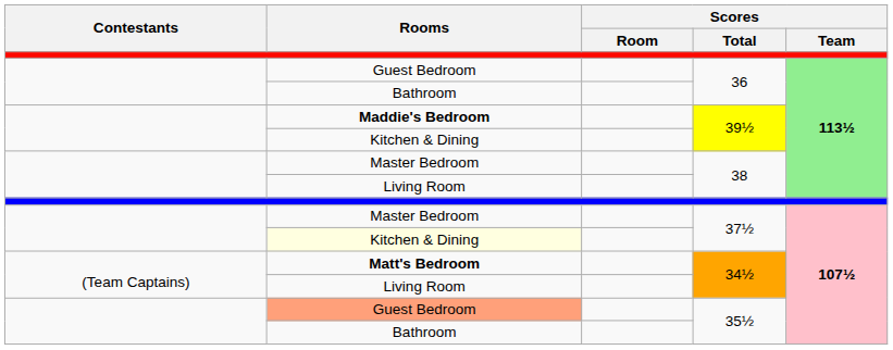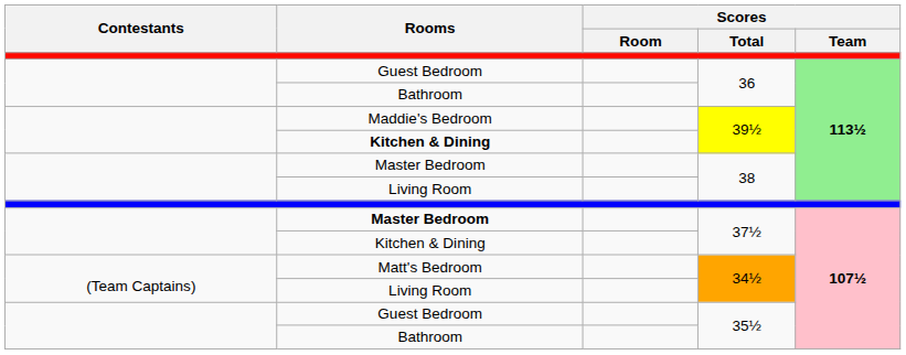 <table class="wikitable plainrowheaders" style="text-align:center; font-size:90%; width:60em;">
 <tr>
 <th rowspan="2">Contestants</th>
 <th rowspan="2">Rooms</th>
 <th colspan="3">Scores</th>
 </tr>
 <tr>
 <th>Room</th>
 <th>Total</th>
 <th>Team</th>
 </tr>
 <tr>
 <td colspan="6" style="background:#FF0800; color:white;"> </td>
 </tr>
 <tr>
 <td rowspan="2"></td>
 <td>Guest Bedroom</td>
 <td></td>
 <td rowspan="2">36</td>
 <th rowspan="6" style="background:#90EE90">113½</th>
 </tr>
 <tr>
 <td>Bathroom</td>
 <td></td>
 </tr>
 <tr>
 <td rowspan="2"></td>
-<td><strong>Maddie's Bedroom</strong></td>
+<td>Maddie's Bedroom</td>
 <td></td>
 <td rowspan="2" style="background:#FFFF00">39½</td>
 </tr>
 <tr>
-<td>Kitchen & Dining</td>
+<td><strong>Kitchen & Dining</strong></td>
 <td></td>
 </tr>
 <tr>
 <td rowspan="2"></td>
 <td>Master Bedroom</td>
 <td></td>
 <td rowspan="2">38</td>
 </tr>
 <tr>
 <td>Living Room</td>
 <td></td>
 </tr>
 <tr>
 <td colspan="6" style="background:blue; color:white;"> </td>
 </tr>
 <tr>
 <td rowspan="2"></td>
-<td>Master Bedroom</td>
+<td><strong>Master Bedroom</strong></td>
 <td></td>
 <td rowspan="2">37½</td>
 <th rowspan="6" style="background:#FFC0CB">107½</th>
 </tr>
 <tr>
-<td style="background: lightyellow;">Kitchen & Dining</td>
+<td>Kitchen & Dining</td>
 <td></td>
 </tr>
 <tr>
 <td rowspan="2"><br>(Team Captains)</td>
-<td><strong>Matt's Bedroom</strong></td>
+<td>Matt's Bedroom</td>
 <td></td>
 <td rowspan="2" style="background:orange">34½</td>
 </tr>
 <tr>
 <td>Living Room</td>
 <td></td>
 </tr>
 <tr>
 <td rowspan="2"></td>
-<td style="background: lightsalmon;">Guest Bedroom</td>
+<td>Guest Bedroom</td>
 <td></td>
 <td rowspan="2">35½</td>
 </tr>
 <tr>
 <td>Bathroom</td>
 <td></td>
 </tr>
 </table>
